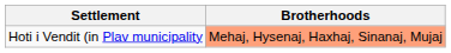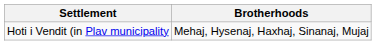 <table class="wikitable">
 <tr>
 <th>Settlement</th>
 <th>Brotherhoods</th>
 </tr>
 <tr>
 <td>Hoti i Vendit (in <a href='#'>Plav municipality</a></td>
-<td style="background: lightsalmon;">Mehaj, Hysenaj, Haxhaj, Sinanaj, Mujaj</td>
+<td>Mehaj, Hysenaj, Haxhaj, Sinanaj, Mujaj</td>
 </tr>
 </table>
